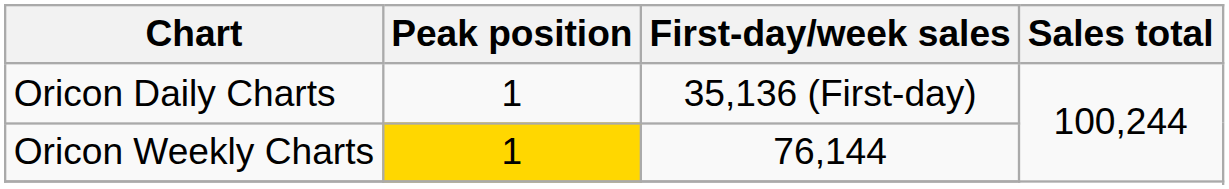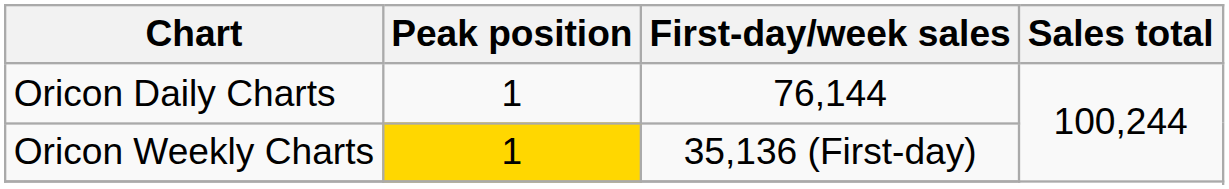 <table class="wikitable">
 <tr>
 <th>Chart</th>
 <th>Peak position</th>
 <th>First-day/week sales</th>
 <th>Sales total</th>
 </tr>
 <tr>
 <td>Oricon Daily Charts</td>
 <td align="center">1</td>
-<td align="center">35,136 (First-day)</td>
+<td align="center">76,144<br></td>
 <td rowspan="4" align="center">100,244</td>
 </tr>
 <tr>
 <td>Oricon Weekly Charts</td>
 <td align="center" style="background: gold;">1</td>
-<td align="center">76,144<br></td>
+<td align="center">35,136 (First-day)</td>
 </tr>
 <tr>
 </tr>
 </table>
